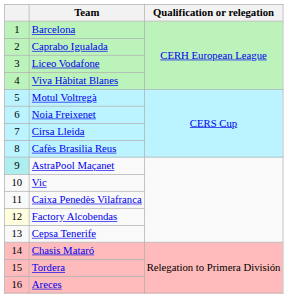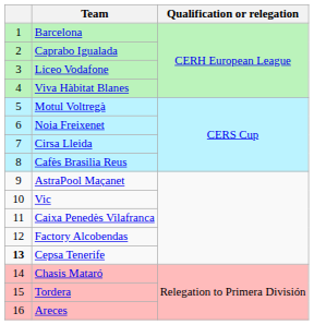 <table class="wikitable" style="text-align:center">
 <tr>
 <th width=30></th>
 <th>Team</th>
 <th>Qualification or relegation</th>
 </tr>
 <tr bgcolor=#BBF3BB>
 <td>1</td>
 <td align=left><a href='#'>Barcelona</a></td>
 <td rowspan=4><a href='#'>CERH European League</a></td>
 </tr>
 <tr bgcolor=#BBF3BB>
 <td>2</td>
 <td align=left><a href='#'>Caprabo Igualada</a></td>
 </tr>
 <tr bgcolor=#BBF3BB>
 <td>3</td>
 <td align=left><a href='#'>Liceo Vodafone</a></td>
 </tr>
 <tr bgcolor=#BBF3BB>
 <td>4</td>
 <td align=left><a href='#'>Viva Hàbitat Blanes</a></td>
 </tr>
 <tr bgcolor=#BBF3FF>
 <td>5</td>
 <td align=left><a href='#'>Motul Voltregà</a></td>
 <td rowspan=4><a href='#'>CERS Cup</a></td>
 </tr>
 <tr bgcolor=#BBF3FF>
 <td>6</td>
 <td align=left><a href='#'>Noia Freixenet</a></td>
 </tr>
 <tr bgcolor=#BBF3FF>
 <td>7</td>
 <td align=left><a href='#'>Cirsa Lleida</a></td>
 </tr>
 <tr bgcolor=#BBF3FF>
 <td>8</td>
 <td align=left><a href='#'>Cafès Brasilia Reus</a></td>
 </tr>
 <tr>
-<td style="background: paleturquoise;">9</td>
+<td>9</td>
 <td align=left><a href='#'>AstraPool Maçanet</a></td>
 </tr>
 <tr>
 <td>10</td>
 <td align=left><a href='#'>Vic</a></td>
 </tr>
 <tr>
 <td>11</td>
 <td align=left><a href='#'>Caixa Penedès Vilafranca</a></td>
 </tr>
 <tr>
-<td style="background: lightyellow;">12</td>
+<td>12</td>
 <td align=left><a href='#'>Factory Alcobendas</a></td>
 </tr>
 <tr>
-<td>13</td>
+<td><strong>13</strong></td>
 <td align=left><a href='#'>Cepsa Tenerife</a></td>
 </tr>
 <tr bgcolor=#FFBBBB>
 <td>14</td>
 <td align=left><a href='#'>Chasis Mataró</a></td>
 <td rowspan=3>Relegation to Primera División</td>
 </tr>
 <tr bgcolor=#FFBBBB>
 <td>15</td>
 <td align=left><a href='#'>Tordera</a></td>
 </tr>
 <tr bgcolor=#FFBBBB>
 <td>16</td>
 <td align=left><a href='#'>Areces</a></td>
 </tr>
 </table>
